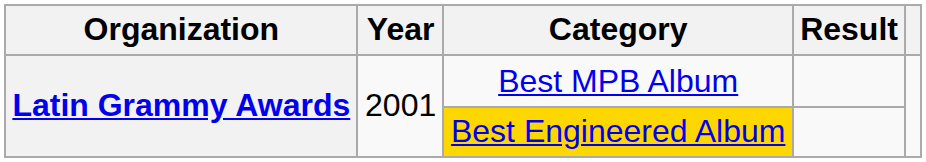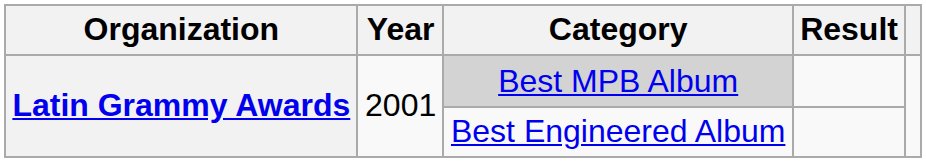 <table class="wikitable sortable plainrowheaders" style="border:none; margin:0; text-align:center;">
 <tr>
 <th scope="col">Organization</th>
 <th scope="col">Year</th>
 <th scope="col">Category</th>
 <th scope="col">Result</th>
 <th scope="col" class="unsortable"></th>
 </tr>
 <tr>
 <th rowspan="2" scope="row"><a href='#'>Latin Grammy Awards</a></th>
 <td rowspan="2">2001</td>
-<td><a href='#'>Best MPB Album</a></td>
+<td style="background: lightgrey;"><a href='#'>Best MPB Album</a></td>
 <td></td>
 <td rowspan="2"></td>
 </tr>
 <tr>
-<td style="background: gold;"><a href='#'>Best Engineered Album</a></td>
+<td><a href='#'>Best Engineered Album</a></td>
 <td></td>
 </tr>
 </table>
